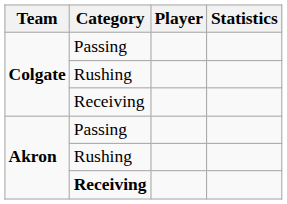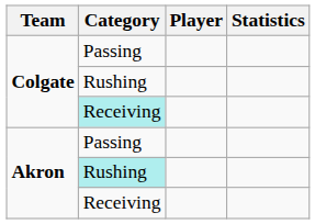 <table class="wikitable" style="float: right;">
 <tr>
 <th>Team</th>
 <th>Category</th>
 <th>Player</th>
 <th>Statistics</th>
 </tr>
 <tr>
 <td rowspan=3><strong>Colgate</strong></td>
 <td>Passing</td>
 <td></td>
 <td></td>
 </tr>
 <tr>
 <td>Rushing</td>
 <td></td>
 <td></td>
 </tr>
 <tr>
-<td>Receiving</td>
+<td style="background: paleturquoise;">Receiving</td>
 <td></td>
 <td></td>
 </tr>
 <tr>
 <td rowspan=3><strong>Akron</strong></td>
 <td>Passing</td>
 <td></td>
 <td></td>
 </tr>
 <tr>
-<td>Rushing</td>
+<td style="background: paleturquoise;">Rushing</td>
 <td></td>
 <td></td>
 </tr>
 <tr>
-<td><strong>Receiving</strong></td>
+<td>Receiving</td>
 <td></td>
 <td></td>
 </tr>
 </table>
